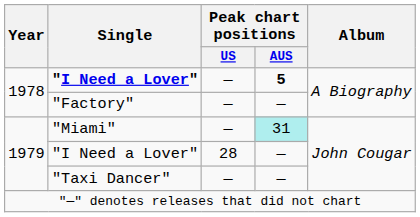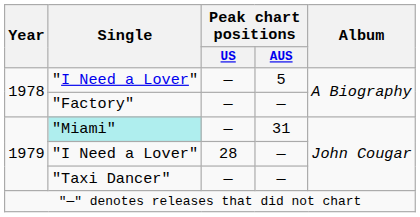 <table class="wikitable" style="text-align:center">
 <tr>
 <th rowspan="2">Year</th>
 <th rowspan="2">Single</th>
 <th colspan="2">Peak chart<br>positions</th>
 <th rowspan="2">Album</th>
 </tr>
 <tr style="font-size:smaller;">
 <th width="40"><a href='#'>US</a><br></th>
 <th width="40"><a href='#'>AUS</a><br></th>
 </tr>
 <tr>
 <td rowspan="2">1978</td>
-<td align="left"><strong>"<a href='#'>I Need a Lover</a>"</strong></td>
+<td align="left">"<a href='#'>I Need a Lover</a>"</td>
 <td>—</td>
-<td><strong>5</strong></td>
+<td>5</td>
 <td rowspan="2" align="left"><em>A Biography</em></td>
 </tr>
 <tr>
 <td align="left">"Factory"</td>
 <td>—</td>
 <td>—</td>
 </tr>
 <tr>
 <td rowspan="3">1979</td>
-<td align="left">"Miami"</td>
+<td align="left" style="background: paleturquoise;">"Miami"</td>
 <td>—</td>
-<td style="background: paleturquoise;">31</td>
+<td>31</td>
 <td rowspan="3" align="left"><em>John Cougar</em></td>
 </tr>
 <tr>
 <td align="left">"I Need a Lover"</td>
 <td>28</td>
 <td>—</td>
 </tr>
 <tr>
 <td align="left">"Taxi Dancer"</td>
 <td>—</td>
 <td>—</td>
 </tr>
 <tr>
 <td colspan="5" style="font-size:85%">"—" denotes releases that did not chart</td>
 </tr>
 </table>
